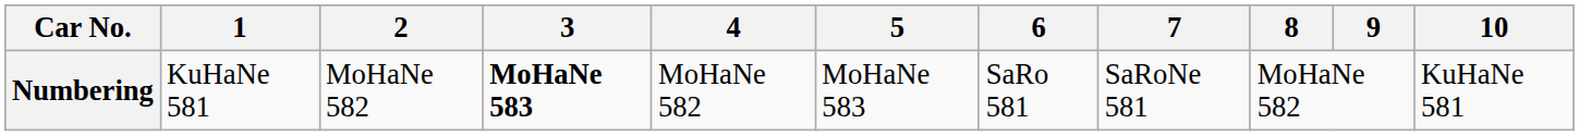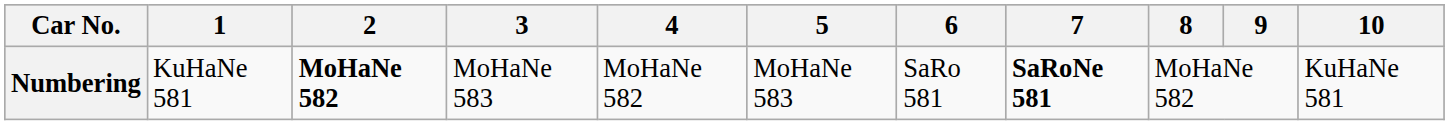 <table class="wikitable">
 <tr>
 <th>Car No.</th>
 <th>1</th>
 <th>2</th>
 <th>3</th>
 <th>4</th>
 <th>5</th>
 <th>6</th>
 <th>7</th>
 <th>8</th>
 <th>9</th>
 <th>10</th>
 </tr>
 <tr>
 <th>Numbering</th>
 <td>KuHaNe 581</td>
-<td>MoHaNe 582</td>
-<td><strong>MoHaNe 583</strong></td>
+<td><strong>MoHaNe 582</strong></td>
+<td>MoHaNe 583</td>
 <td>MoHaNe 582</td>
 <td>MoHaNe 583</td>
 <td>SaRo 581</td>
-<td>SaRoNe 581</td>
+<td><strong>SaRoNe 581</strong></td>
 <td colspan="2">MoHaNe 582</td>
 <td>KuHaNe 581</td>
 </tr>
 </table>
